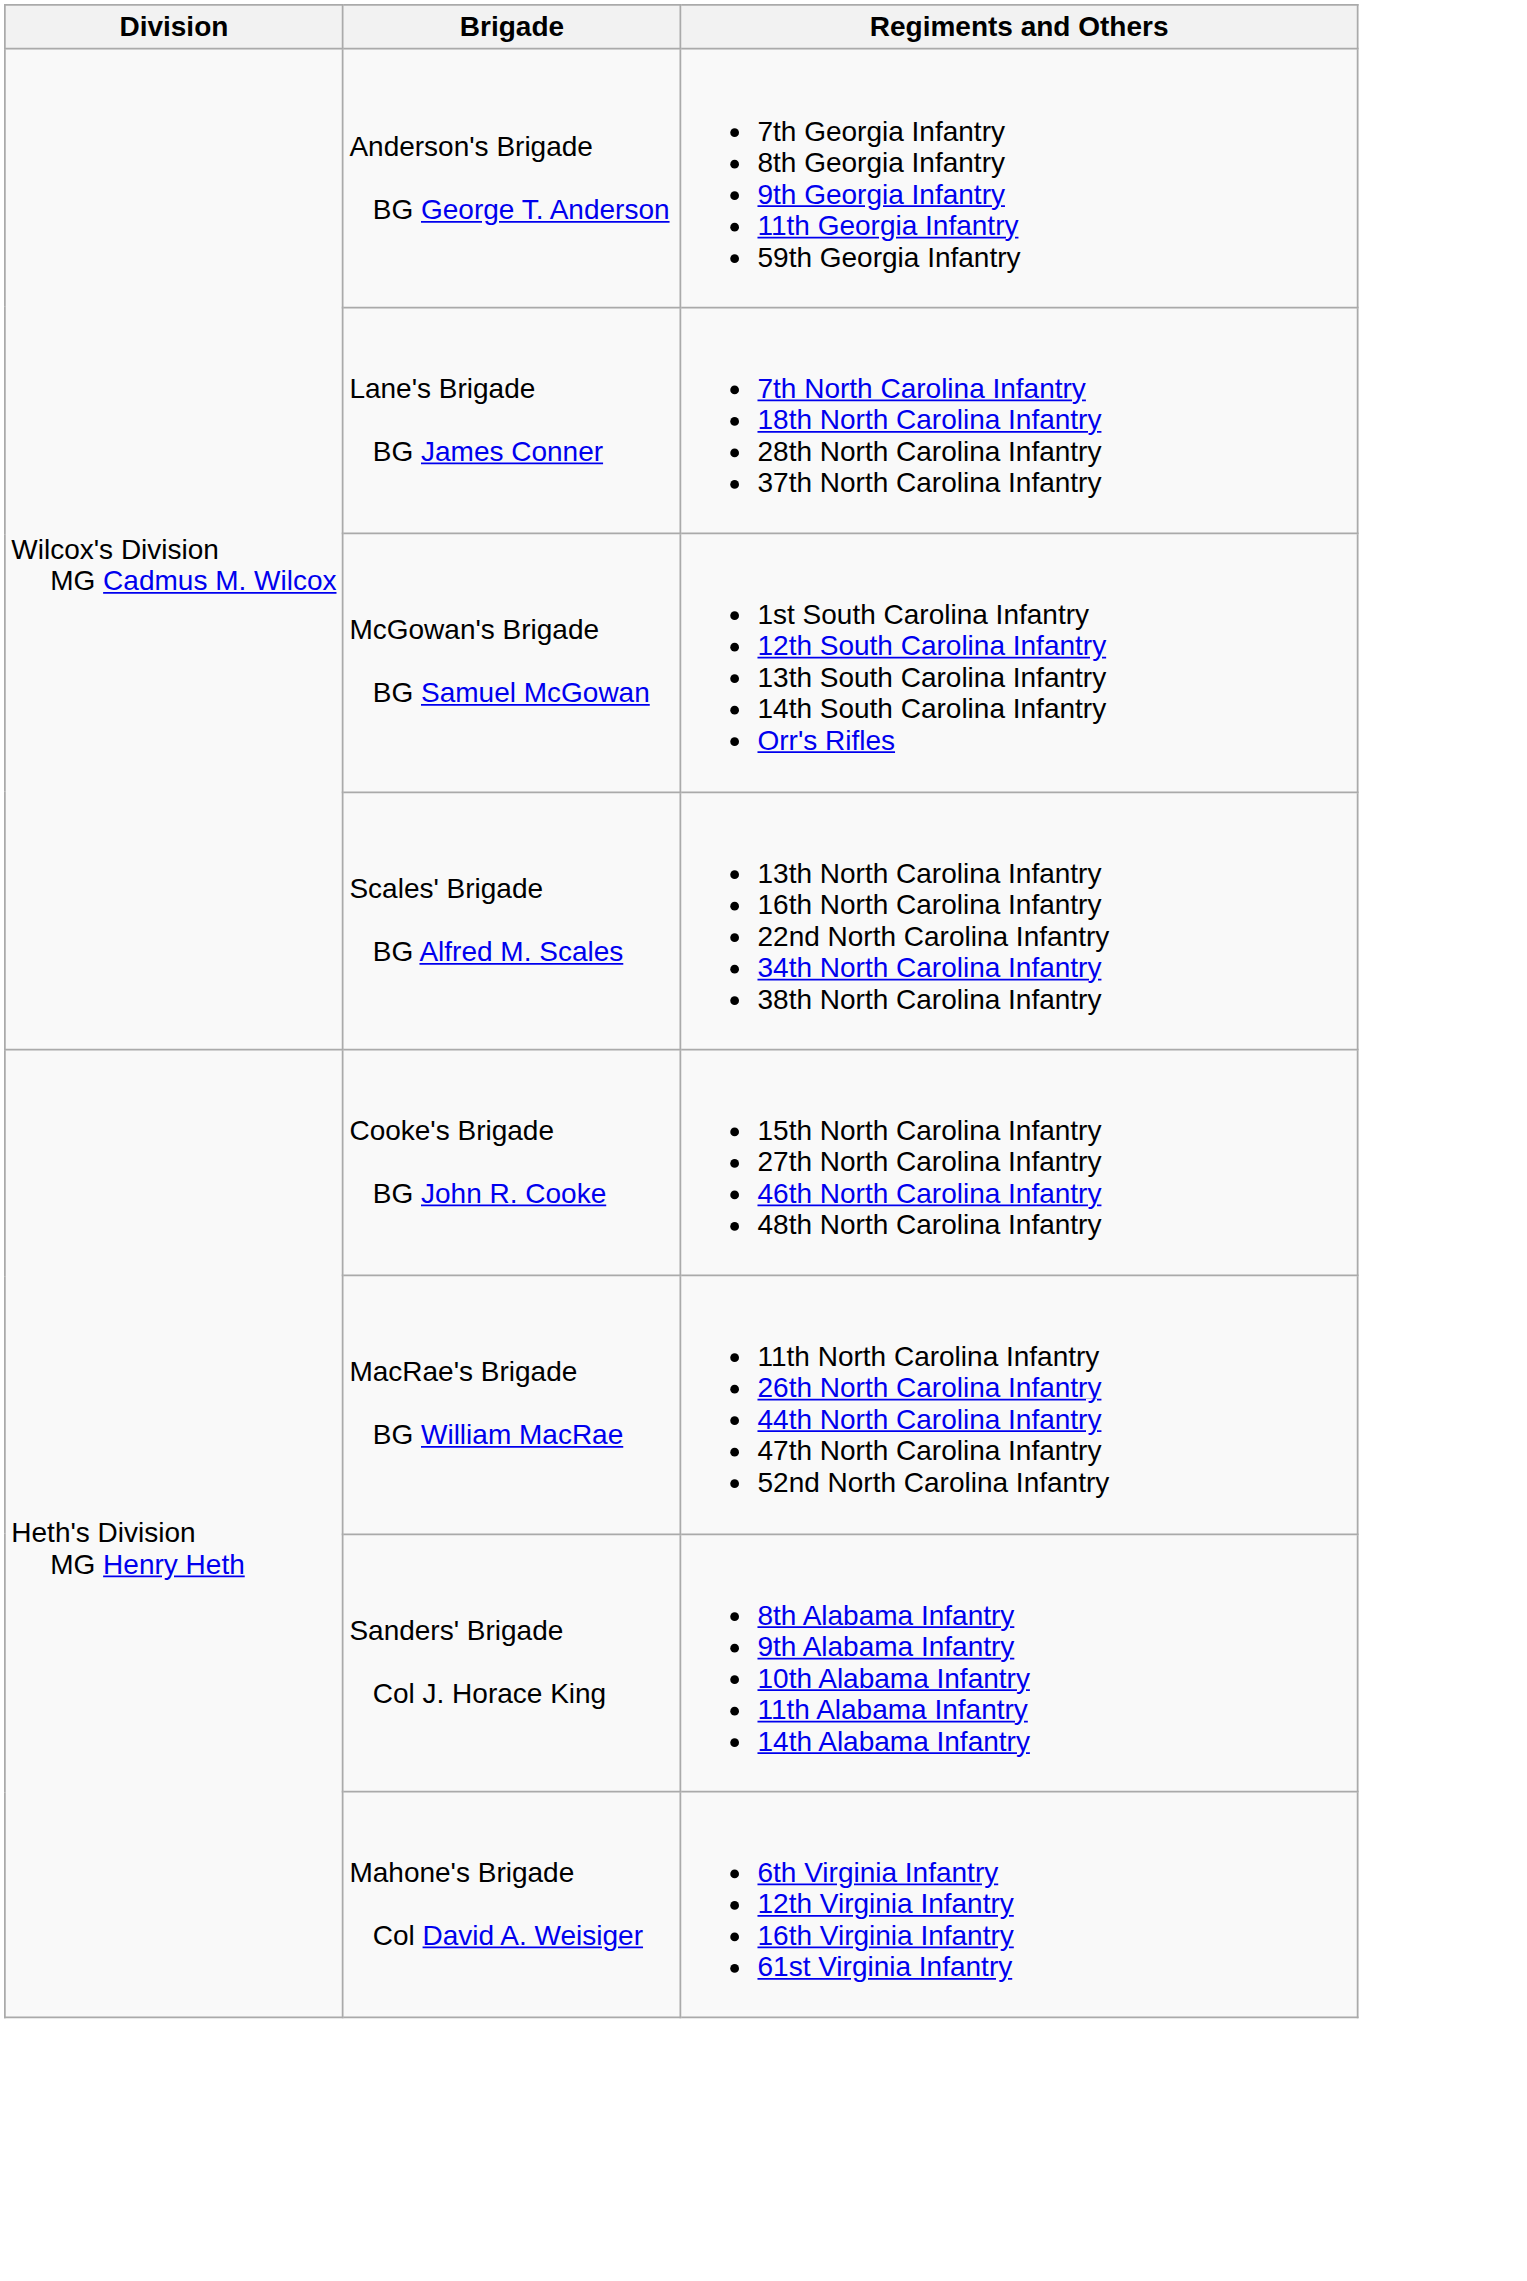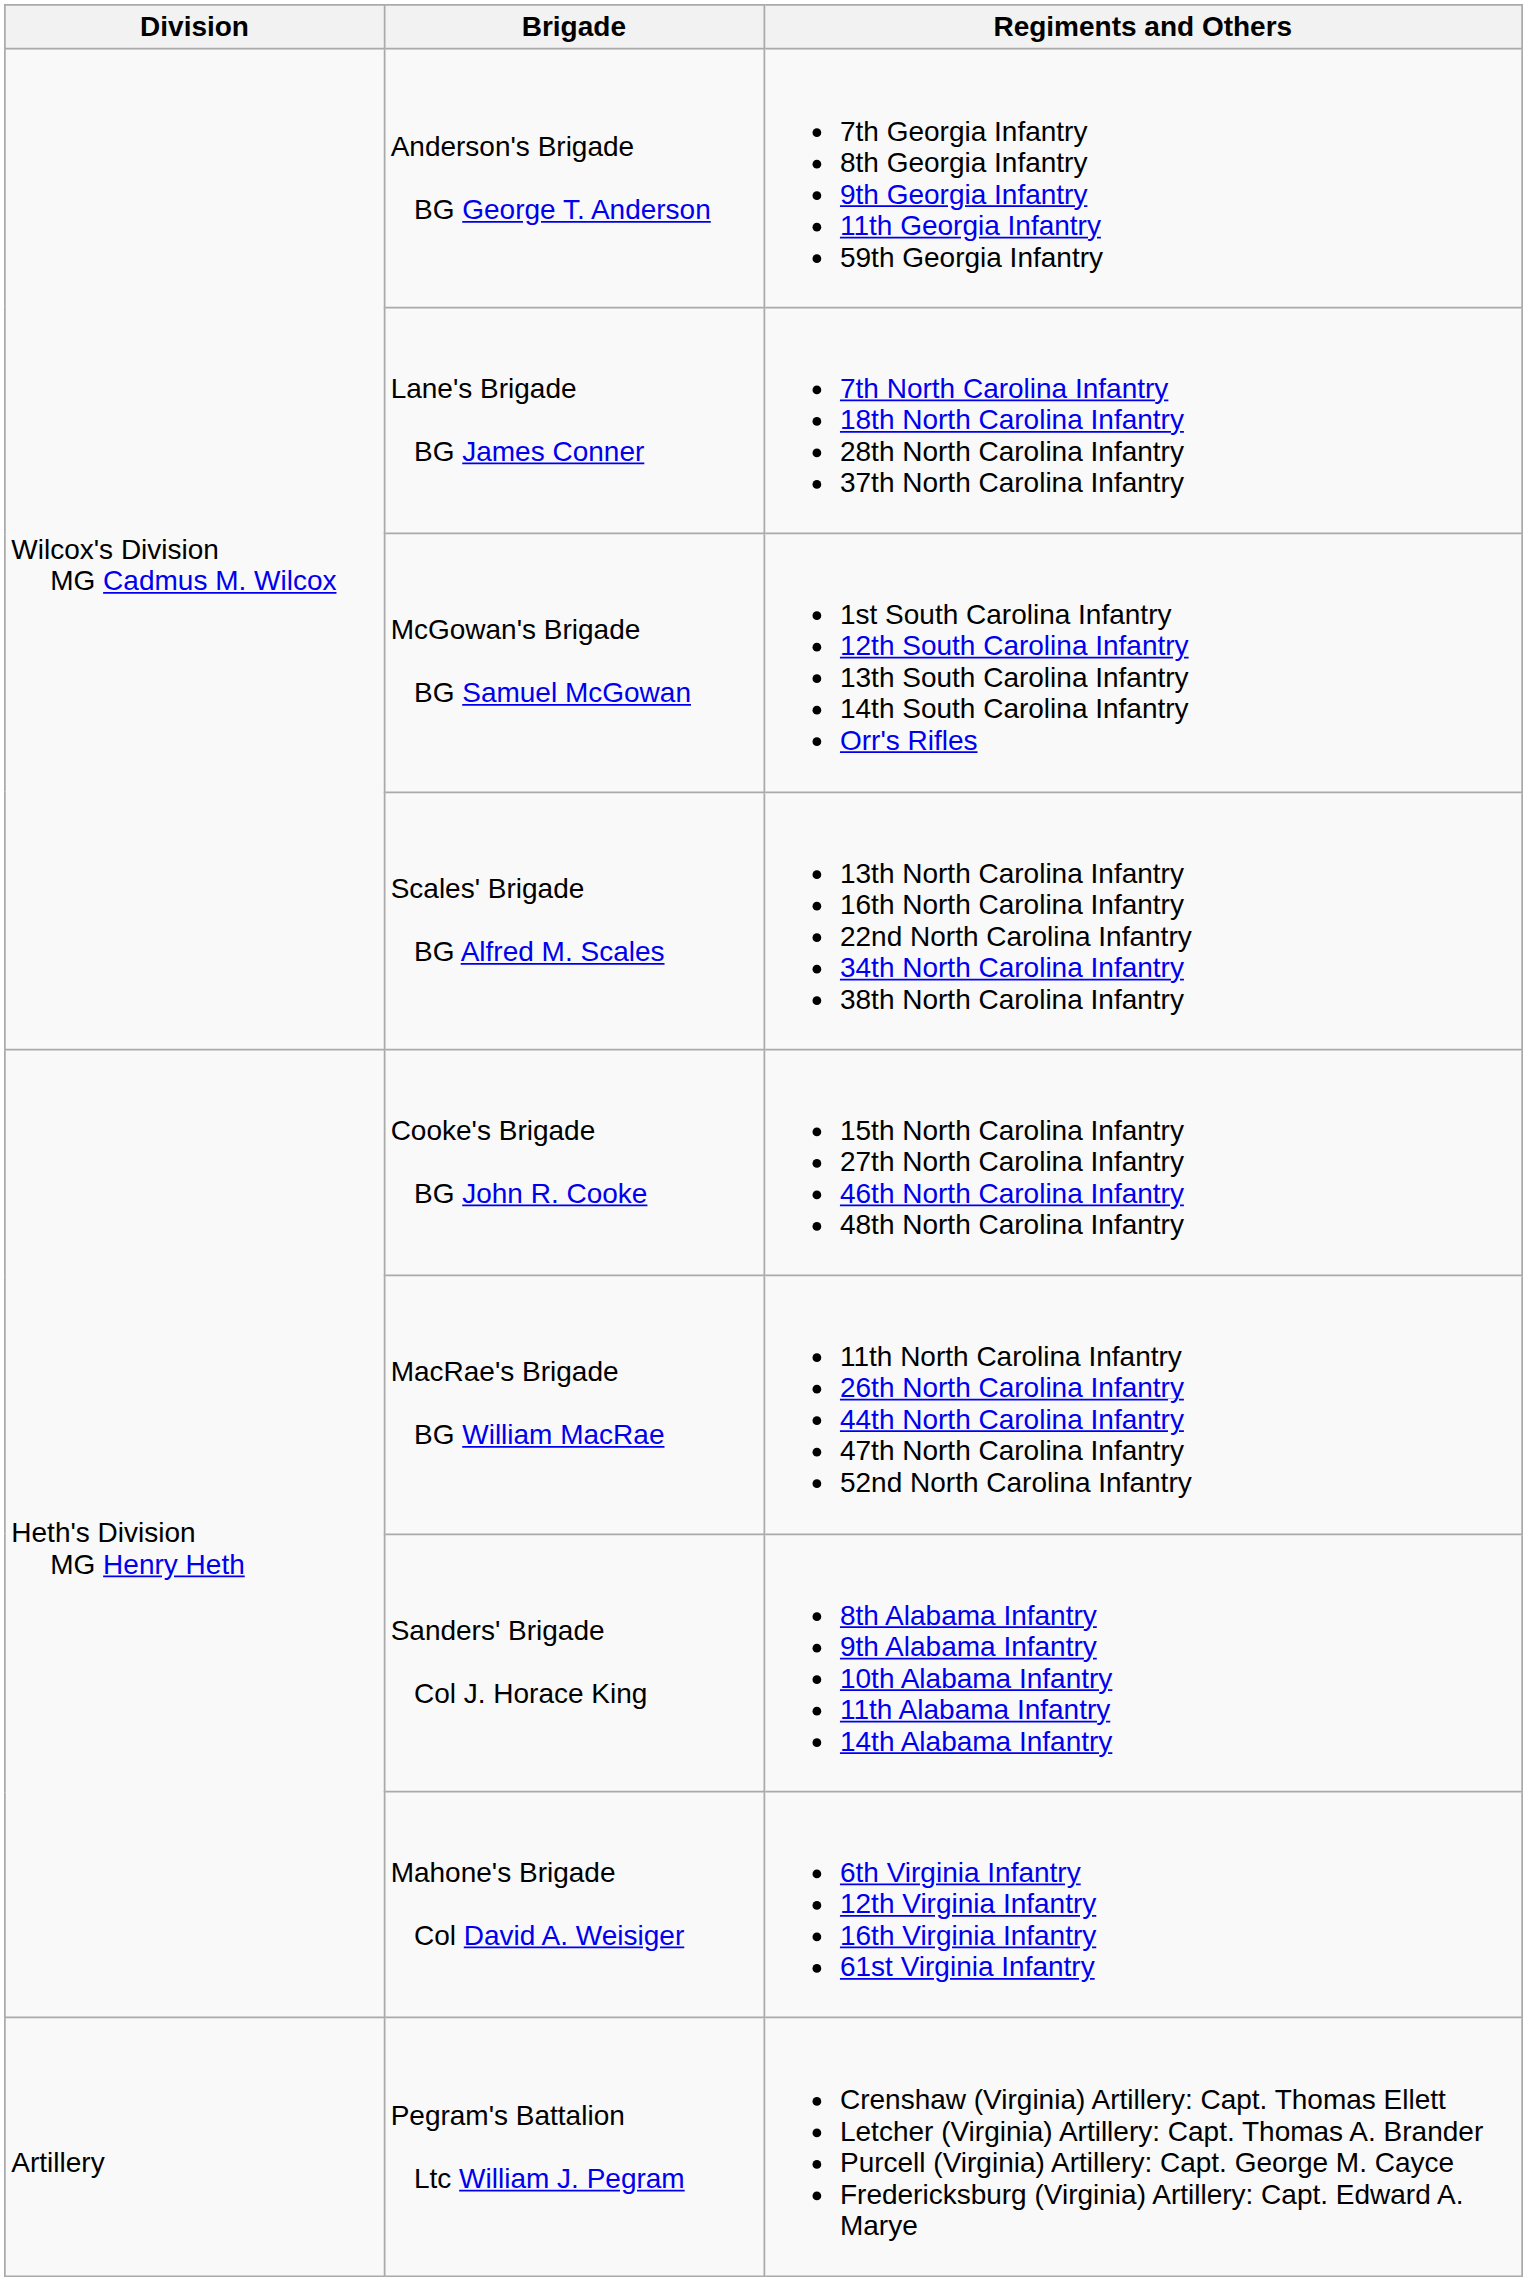 <table class="wikitable">
 <tr>
 <th style="width:25%;">Division</th>
 <th style="width:25%;">Brigade</th>
 <th>Regiments and Others</th>
 </tr>
 <tr>
 <td rowspan=4><br>Wilcox's Division <br>     MG <a href='#'>Cadmus M. Wilcox</a></td>
 <td>Anderson's Brigade<br><br>   BG <a href='#'>George T. Anderson</a></td>
 <td><br><ul><li>7th Georgia Infantry</li><li>8th Georgia Infantry</li><li><a href='#'>9th Georgia Infantry</a></li><li><a href='#'>11th Georgia Infantry</a></li><li>59th Georgia Infantry</li></ul></td>
 </tr>
 <tr>
 <td>Lane's Brigade<br><br>   BG <a href='#'>James Conner</a></td>
 <td><br><ul><li><a href='#'>7th North Carolina Infantry</a></li><li><a href='#'>18th North Carolina Infantry</a></li><li>28th North Carolina Infantry</li><li>37th North Carolina Infantry</li></ul></td>
 </tr>
 <tr>
 <td>McGowan's Brigade<br><br>   BG <a href='#'>Samuel McGowan</a></td>
 <td><br><ul><li>1st South Carolina Infantry</li><li><a href='#'>12th South Carolina Infantry</a></li><li>13th South Carolina Infantry</li><li>14th South Carolina Infantry</li><li><a href='#'>Orr's Rifles</a></li></ul></td>
 </tr>
 <tr>
 <td>Scales' Brigade<br><br>   BG <a href='#'>Alfred M. Scales</a></td>
 <td><br><ul><li>13th North Carolina Infantry</li><li>16th North Carolina Infantry</li><li>22nd North Carolina Infantry</li><li><a href='#'>34th North Carolina Infantry</a></li><li>38th North Carolina Infantry</li></ul></td>
 </tr>
 <tr>
 <td rowspan=4><br>Heth's Division <br>     MG <a href='#'>Henry Heth</a></td>
 <td>Cooke's Brigade<br><br>   BG <a href='#'>John R. Cooke</a></td>
 <td><br><ul><li>15th North Carolina Infantry</li><li>27th North Carolina Infantry</li><li><a href='#'>46th North Carolina Infantry</a></li><li>48th North Carolina Infantry</li></ul></td>
 </tr>
 <tr>
 <td>MacRae's Brigade<br><br>   BG <a href='#'>William MacRae</a></td>
 <td><br><ul><li>11th North Carolina Infantry</li><li><a href='#'>26th North Carolina Infantry</a></li><li><a href='#'>44th North Carolina Infantry</a></li><li>47th North Carolina Infantry</li><li>52nd North Carolina Infantry</li></ul></td>
 </tr>
 <tr>
 <td>Sanders' Brigade<br><br>   Col J. Horace King</td>
 <td><br><ul><li><a href='#'>8th Alabama Infantry</a></li><li><a href='#'>9th Alabama Infantry</a></li><li><a href='#'>10th Alabama Infantry</a></li><li><a href='#'>11th Alabama Infantry</a></li><li><a href='#'>14th Alabama Infantry</a></li></ul></td>
 </tr>
 <tr>
 <td>Mahone's Brigade<br><br>   Col <a href='#'>David A. Weisiger</a></td>
 <td><br><ul><li><a href='#'>6th Virginia Infantry</a></li><li><a href='#'>12th Virginia Infantry</a></li><li><a href='#'>16th Virginia Infantry</a></li><li><a href='#'>61st Virginia Infantry</a></li></ul></td>
 </tr>
+<tr>
+<td rowspan=1><br>Artillery</td>
+<td>Pegram's Battalion<br><br>   Ltc <a href='#'>William J. Pegram</a></td>
+<td><br><ul><li>Crenshaw (Virginia) Artillery: Capt. Thomas Ellett</li><li>Letcher (Virginia) Artillery: Capt. Thomas A. Brander</li><li>Purcell (Virginia) Artillery: Capt. George M. Cayce</li><li>Fredericksburg (Virginia) Artillery: Capt. Edward A. Marye</li></ul></td>
+</tr>
 </table>
